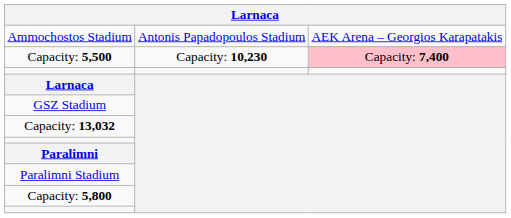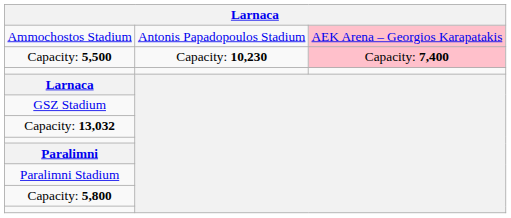 <table class="wikitable" style="text-align:center">
 <tr>
 <th colspan=3><a href='#'>Larnaca</a></th>
 </tr>
 <tr>
 <td><a href='#'>Ammochostos Stadium</a></td>
 <td><a href='#'>Antonis Papadopoulos Stadium</a></td>
-<td><a href='#'>AEK Arena – Georgios Karapatakis</a></td>
+<td style="background: pink;"><a href='#'>AEK Arena – Georgios Karapatakis</a></td>
 </tr>
 <tr>
 <td>Capacity: <strong>5,500</strong></td>
 <td>Capacity: <strong>10,230</strong></td>
 <td style="background: pink;">Capacity: <strong>7,400</strong></td>
 </tr>
 <tr>
 <td></td>
 <td></td>
 <td></td>
 </tr>
 <tr>
 <th><a href='#'>Larnaca</a></th>
 <th rowspan=13 colspan=3></th>
 </tr>
 <tr>
 <td><a href='#'>GSZ Stadium</a></td>
 </tr>
 <tr>
 <td>Capacity: <strong>13,032</strong></td>
 </tr>
 <tr>
 <td></td>
 </tr>
 <tr>
 <th><a href='#'>Paralimni</a></th>
 </tr>
 <tr>
 <td><a href='#'>Paralimni Stadium</a></td>
 </tr>
 <tr>
 <td>Capacity: <strong>5,800</strong></td>
 </tr>
 <tr>
 <td></td>
 </tr>
 </table>
